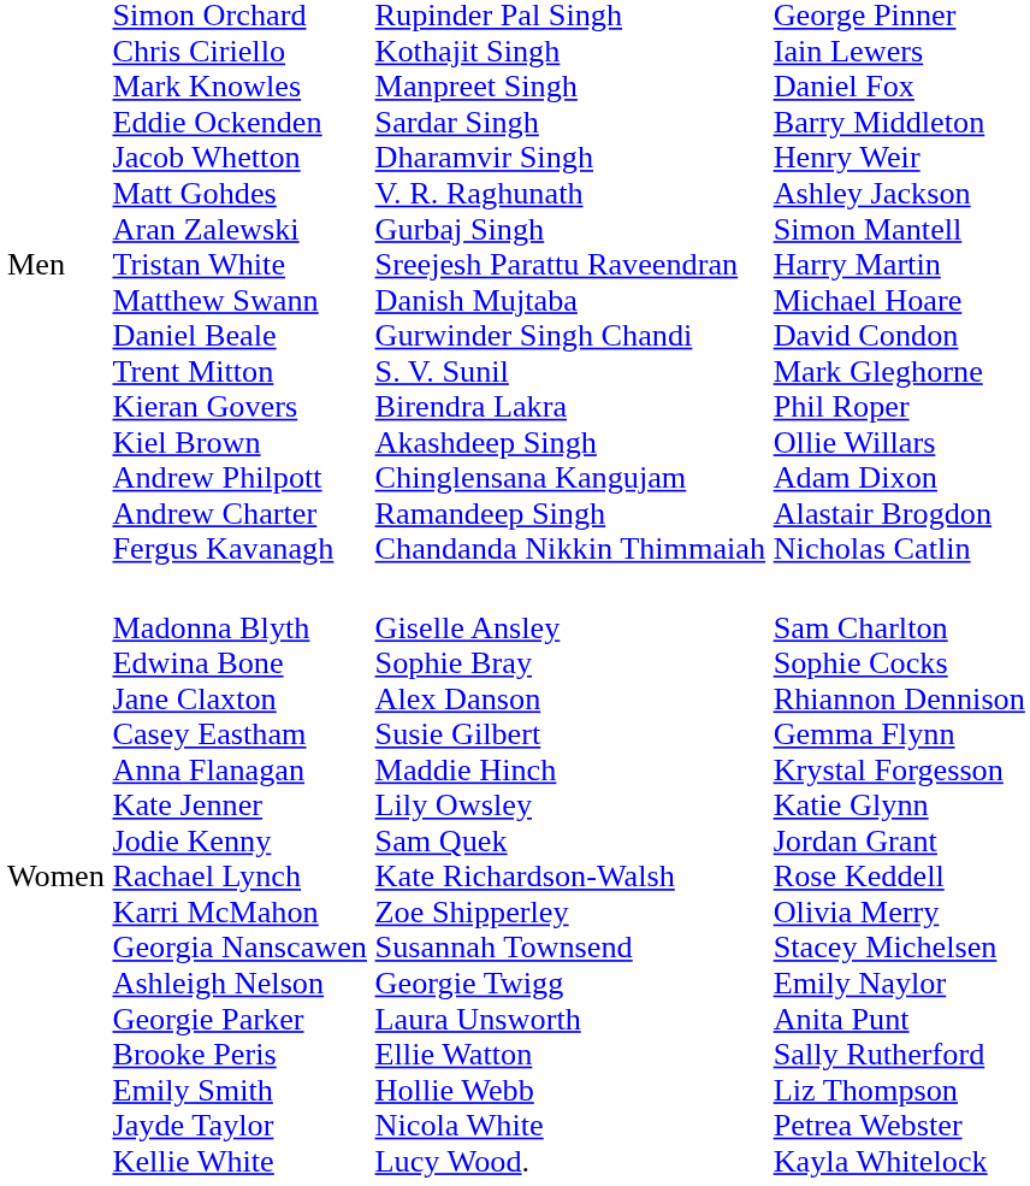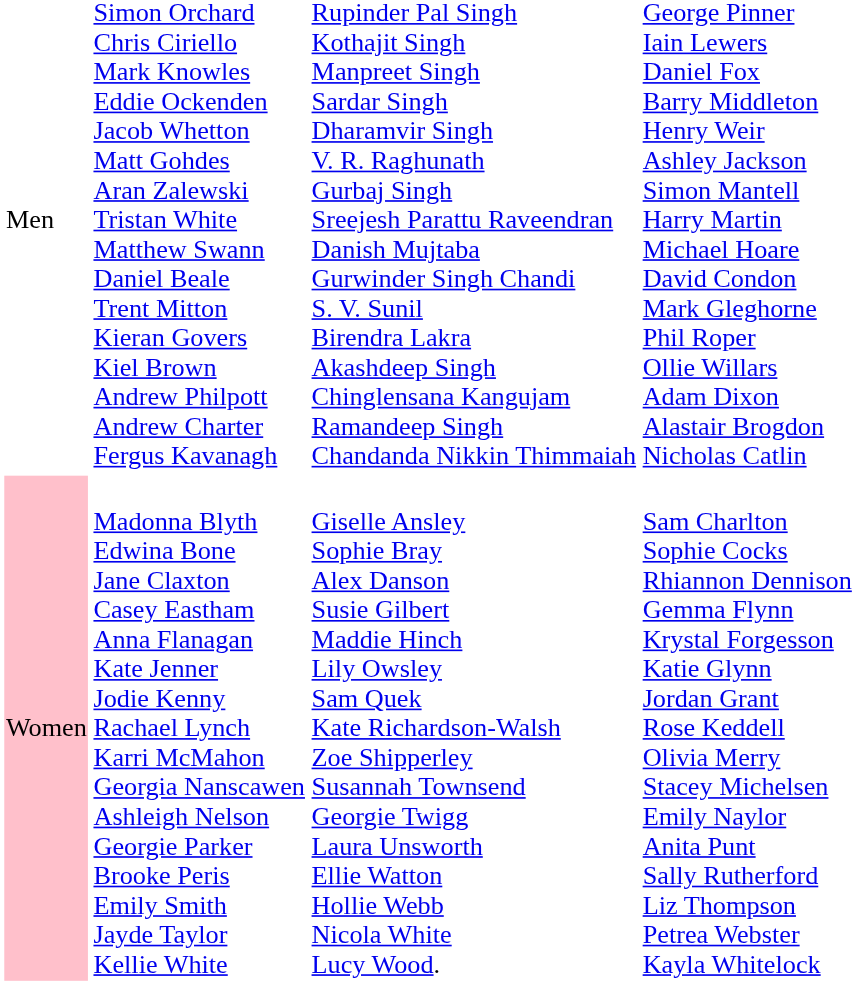 <table>
 <tr>
 <td>Men<br></td>
 <td><br><a href='#'>Simon Orchard</a><br> <a href='#'>Chris Ciriello</a><br> <a href='#'>Mark Knowles</a><br> <a href='#'>Eddie Ockenden</a><br> <a href='#'>Jacob Whetton</a><br> <a href='#'>Matt Gohdes</a><br> <a href='#'>Aran Zalewski</a><br> <a href='#'>Tristan White</a><br> <a href='#'>Matthew Swann</a><br> <a href='#'>Daniel Beale</a><br><a href='#'>Trent Mitton</a><br> <a href='#'>Kieran Govers</a><br> <a href='#'>Kiel Brown</a><br> <a href='#'>Andrew Philpott</a><br> <a href='#'>Andrew Charter</a><br> <a href='#'>Fergus Kavanagh</a></td>
 <td><br><a href='#'>Rupinder Pal Singh</a><br> <a href='#'>Kothajit Singh</a><br> <a href='#'>Manpreet Singh</a><br> <a href='#'>Sardar Singh</a><br> <a href='#'>Dharamvir Singh</a><br> <a href='#'>V. R. Raghunath</a><br> <a href='#'>Gurbaj Singh</a><br> <a href='#'>Sreejesh Parattu Raveendran</a><br> <a href='#'>Danish Mujtaba</a><br> <a href='#'>Gurwinder Singh Chandi</a><br> <a href='#'>S. V. Sunil</a><br> <a href='#'>Birendra Lakra</a><br> <a href='#'>Akashdeep Singh</a><br> <a href='#'>Chinglensana Kangujam</a><br> <a href='#'>Ramandeep Singh</a><br> <a href='#'>Chandanda Nikkin Thimmaiah</a></td>
 <td><br><a href='#'>George Pinner</a><br> <a href='#'>Iain Lewers</a><br> <a href='#'>Daniel Fox</a><br> <a href='#'>Barry Middleton</a><br> <a href='#'>Henry Weir</a><br> <a href='#'>Ashley Jackson</a><br> <a href='#'>Simon Mantell</a><br> <a href='#'>Harry Martin</a><br> <a href='#'>Michael Hoare</a><br> <a href='#'>David Condon</a><br> <a href='#'>Mark Gleghorne</a><br> <a href='#'>Phil Roper</a><br> <a href='#'>Ollie Willars</a><br> <a href='#'>Adam Dixon</a><br> <a href='#'>Alastair Brogdon</a><br> <a href='#'>Nicholas Catlin</a></td>
 </tr>
 <tr>
-<td>Women<br></td>
+<td style="background: pink;">Women<br></td>
 <td><br><a href='#'>Madonna Blyth</a><br> <a href='#'>Edwina Bone</a><br> <a href='#'>Jane Claxton</a><br> <a href='#'>Casey Eastham</a><br> <a href='#'>Anna Flanagan</a><br> <a href='#'>Kate Jenner</a><br> <a href='#'>Jodie Kenny</a><br> <a href='#'>Rachael Lynch</a><br> <a href='#'>Karri McMahon</a><br> <a href='#'>Georgia Nanscawen</a><br><a href='#'>Ashleigh Nelson</a><br> <a href='#'>Georgie Parker</a><br> <a href='#'>Brooke Peris</a><br> <a href='#'>Emily Smith</a><br> <a href='#'>Jayde Taylor</a><br> <a href='#'>Kellie White</a></td>
 <td><br><a href='#'>Giselle Ansley</a><br> <a href='#'>Sophie Bray</a><br> <a href='#'>Alex Danson</a><br> <a href='#'>Susie Gilbert</a><br> <a href='#'>Maddie Hinch</a><br> <a href='#'>Lily Owsley</a><br> <a href='#'>Sam Quek</a><br> <a href='#'>Kate Richardson-Walsh</a><br> <a href='#'>Zoe Shipperley</a><br> <a href='#'>Susannah Townsend</a><br> <a href='#'>Georgie Twigg</a><br> <a href='#'>Laura Unsworth</a><br> <a href='#'>Ellie Watton</a><br> <a href='#'>Hollie Webb</a><br> <a href='#'>Nicola White</a><br> <a href='#'>Lucy Wood</a>.</td>
 <td><br><a href='#'>Sam Charlton</a><br> <a href='#'>Sophie Cocks</a><br> <a href='#'>Rhiannon Dennison</a><br> <a href='#'>Gemma Flynn</a><br> <a href='#'>Krystal Forgesson</a><br> <a href='#'>Katie Glynn</a><br> <a href='#'>Jordan Grant</a><br> <a href='#'>Rose Keddell</a><br> <a href='#'>Olivia Merry</a><br> <a href='#'>Stacey Michelsen</a><br> <a href='#'>Emily Naylor</a><br> <a href='#'>Anita Punt</a><br> <a href='#'>Sally Rutherford</a><br> <a href='#'>Liz Thompson</a><br> <a href='#'>Petrea Webster</a><br> <a href='#'>Kayla Whitelock</a></td>
 </tr>
 </table>
